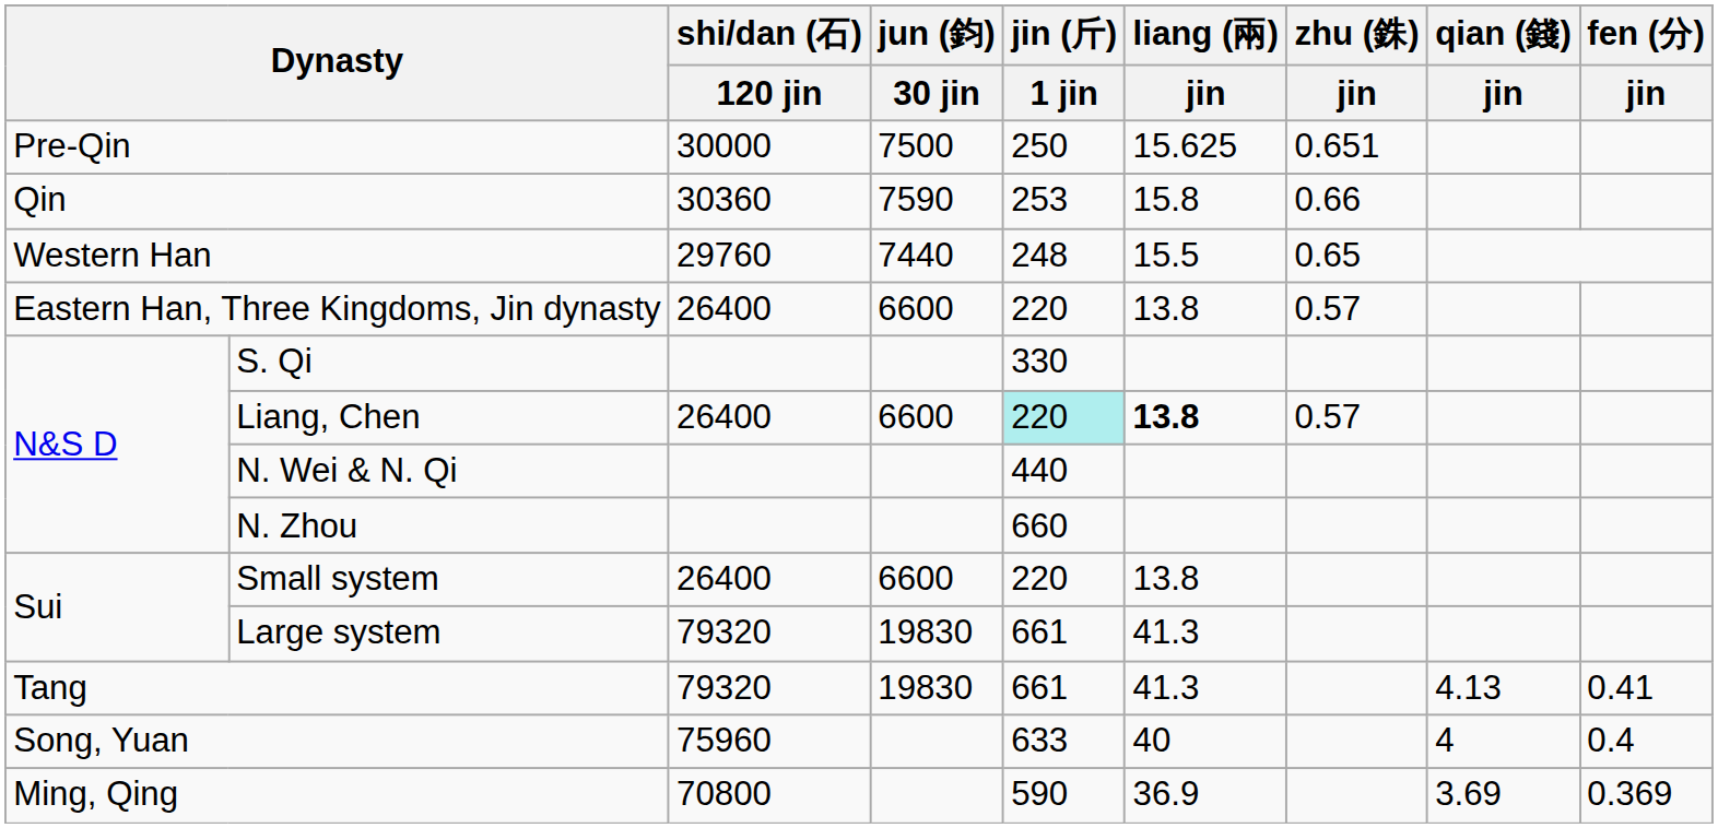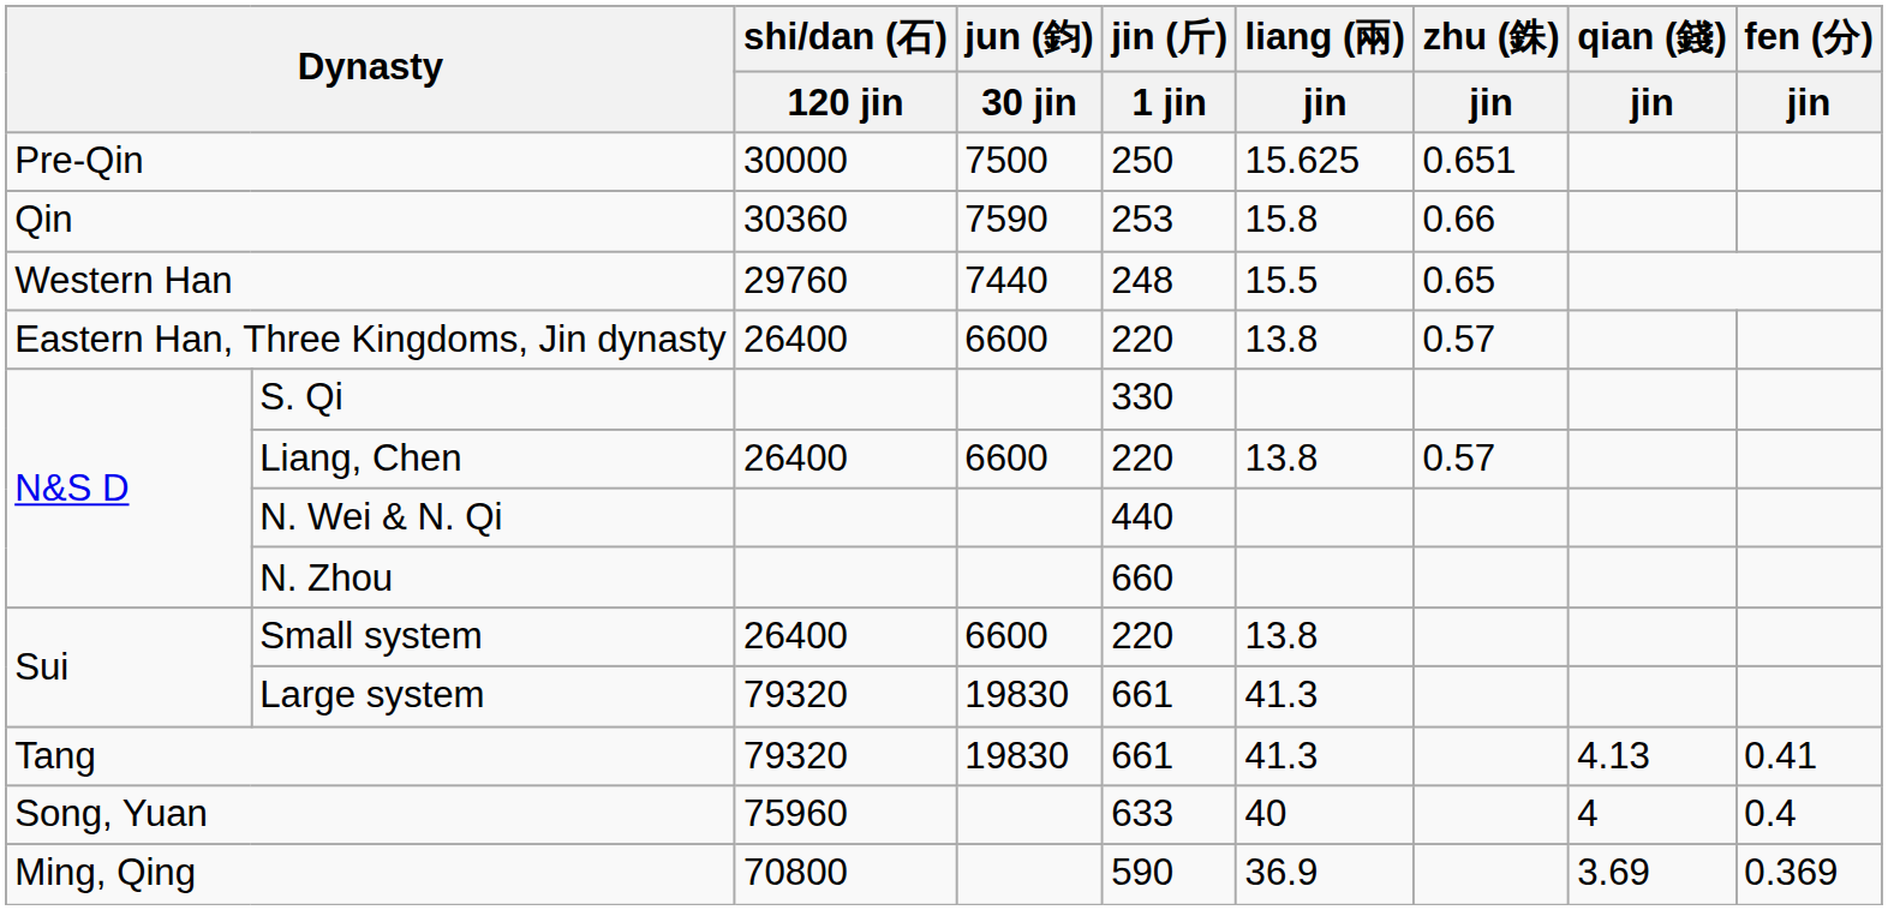 <table class="wikitable sortable">
 <tr>
 <th rowspan=2 colspan="2">Dynasty</th>
 <th>shi/dan (石)</th>
 <th>jun (鈞)</th>
 <th>jin (斤)</th>
 <th>liang (兩)</th>
 <th>zhu (銖)</th>
 <th>qian (錢)</th>
 <th>fen (分)</th>
 </tr>
 <tr>
 <th>120 jin</th>
 <th>30 jin</th>
 <th>1 jin</th>
 <th> jin</th>
 <th> jin</th>
 <th> jin</th>
 <th> jin</th>
 </tr>
 <tr>
 <td colspan="2">Pre-Qin</td>
 <td>30000</td>
 <td>7500</td>
 <td>250</td>
 <td>15.625</td>
 <td>0.651</td>
 <td></td>
 <td></td>
 </tr>
 <tr>
 <td colspan="2">Qin</td>
 <td>30360</td>
 <td>7590</td>
 <td>253</td>
 <td>15.8</td>
 <td>0.66</td>
 <td></td>
 <td></td>
 </tr>
 <tr>
 <td colspan="2">Western Han</td>
 <td>29760</td>
 <td>7440</td>
 <td>248</td>
 <td>15.5</td>
 <td>0.65</td>
 </tr>
 <tr>
 <td colspan=2>Eastern Han, Three Kingdoms, Jin dynasty</td>
 <td>26400</td>
 <td>6600</td>
 <td>220</td>
 <td>13.8</td>
 <td>0.57</td>
 <td></td>
 <td></td>
 </tr>
 <tr>
 <td rowspan=4><a href='#'>N&S D</a></td>
 <td>S. Qi</td>
 <td></td>
 <td></td>
 <td>330</td>
 <td></td>
 <td></td>
 <td></td>
 <td></td>
 </tr>
 <tr>
 <td>Liang, Chen</td>
 <td>26400</td>
 <td>6600</td>
-<td style="background: paleturquoise;">220</td>
-<td><strong>13.8</strong></td>
+<td>220</td>
+<td>13.8</td>
 <td>0.57</td>
 <td></td>
 <td></td>
 </tr>
 <tr>
 <td>N. Wei & N. Qi</td>
 <td></td>
 <td></td>
 <td>440</td>
 <td></td>
 <td></td>
 <td></td>
 <td></td>
 </tr>
 <tr>
 <td>N. Zhou</td>
 <td></td>
 <td></td>
 <td>660</td>
 <td></td>
 <td></td>
 <td></td>
 <td></td>
 </tr>
 <tr>
 <td rowspan=2>Sui</td>
 <td>Small system</td>
 <td>26400</td>
 <td>6600</td>
 <td>220</td>
 <td>13.8</td>
 <td></td>
 <td></td>
 <td></td>
 </tr>
 <tr>
 <td>Large system</td>
 <td>79320</td>
 <td>19830</td>
 <td>661</td>
 <td>41.3</td>
 <td></td>
 <td></td>
 <td></td>
 </tr>
 <tr>
 <td colspan=2>Tang</td>
 <td>79320</td>
 <td>19830</td>
 <td>661</td>
 <td>41.3</td>
 <td></td>
 <td>4.13</td>
 <td>0.41</td>
 </tr>
 <tr>
 <td colspan=2>Song, Yuan</td>
 <td>75960</td>
 <td></td>
 <td>633</td>
 <td>40</td>
 <td></td>
 <td>4</td>
 <td>0.4</td>
 </tr>
 <tr>
 <td colspan=2>Ming, Qing</td>
 <td>70800</td>
 <td></td>
 <td>590</td>
 <td>36.9</td>
 <td></td>
 <td>3.69</td>
 <td>0.369</td>
 </tr>
 </table>
